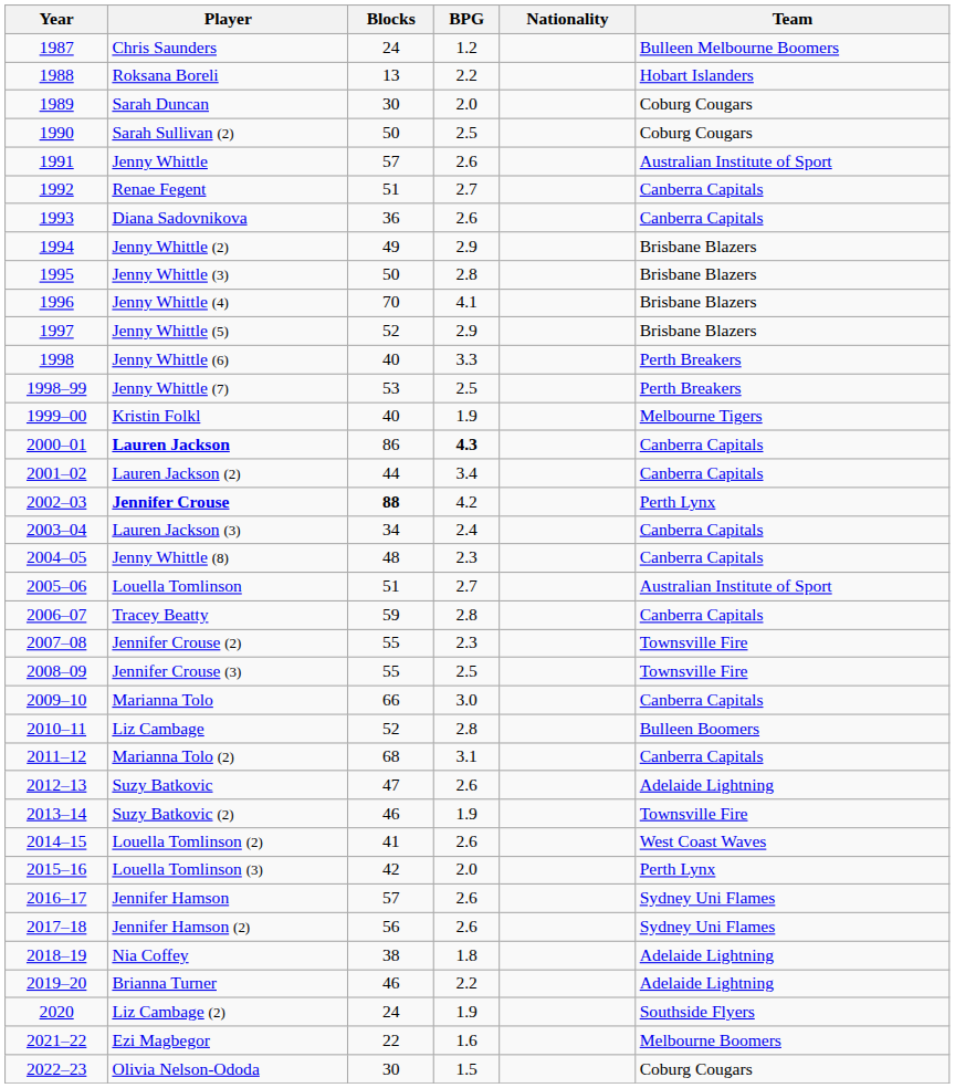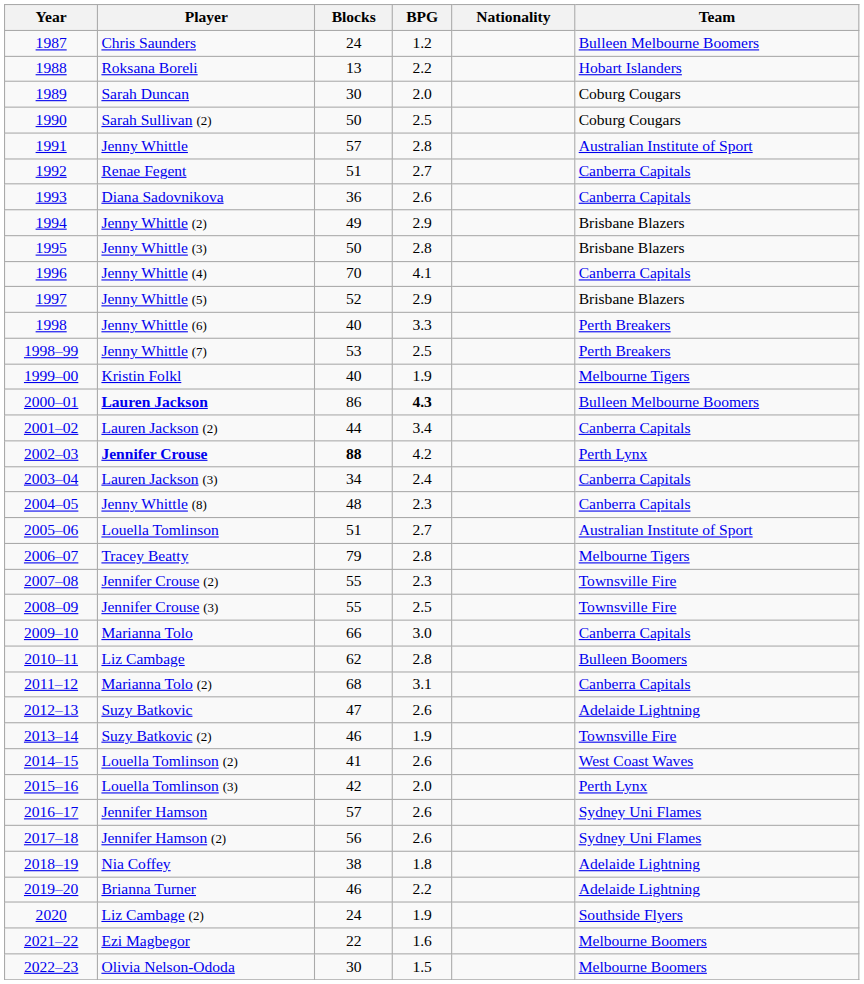 <table class="wikitable sortable" style="width: 50%; text-align:center; font-size:90%">
 <tr>
 <th>Year</th>
 <th>Player</th>
 <th>Blocks</th>
 <th>BPG</th>
 <th>Nationality</th>
 <th>Team</th>
 </tr>
 <tr>
 <td><a href='#'>1987</a></td>
 <td style="text-align: left"><a href='#'>Chris Saunders</a></td>
 <td>24</td>
 <td>1.2</td>
 <td style="text-align: left"></td>
 <td style="text-align: left"><a href='#'>Bulleen Melbourne Boomers</a></td>
 </tr>
 <tr>
 <td><a href='#'>1988</a></td>
 <td style="text-align: left"><a href='#'>Roksana Boreli</a></td>
 <td>13</td>
 <td>2.2</td>
 <td style="text-align: left"></td>
 <td style="text-align: left"><a href='#'>Hobart Islanders</a></td>
 </tr>
 <tr>
 <td><a href='#'>1989</a></td>
 <td style="text-align: left"><a href='#'>Sarah Duncan</a></td>
 <td>30</td>
 <td>2.0</td>
 <td style="text-align: left"></td>
 <td style="text-align: left">Coburg Cougars</td>
 </tr>
 <tr>
 <td><a href='#'>1990</a></td>
 <td style="text-align: left"><a href='#'>Sarah Sullivan</a> <small> (2) </small></td>
 <td>50</td>
 <td>2.5</td>
 <td style="text-align: left"></td>
 <td style="text-align: left">Coburg Cougars</td>
 </tr>
 <tr>
 <td><a href='#'>1991</a></td>
 <td style="text-align: left"><a href='#'>Jenny Whittle</a></td>
 <td>57</td>
-<td>2.6</td>
+<td>2.8</td>
 <td style="text-align: left"></td>
 <td style="text-align: left"><a href='#'>Australian Institute of Sport</a></td>
 </tr>
 <tr>
 <td><a href='#'>1992</a></td>
 <td style="text-align: left"><a href='#'>Renae Fegent</a></td>
 <td>51</td>
 <td>2.7</td>
 <td style="text-align: left"></td>
 <td style="text-align: left"><a href='#'>Canberra Capitals</a></td>
 </tr>
 <tr>
 <td><a href='#'>1993</a></td>
 <td style="text-align: left"><a href='#'>Diana Sadovnikova</a></td>
 <td>36</td>
 <td>2.6</td>
 <td style="text-align: left"></td>
 <td style="text-align: left"><a href='#'>Canberra Capitals</a></td>
 </tr>
 <tr>
 <td><a href='#'>1994</a></td>
 <td style="text-align: left"><a href='#'>Jenny Whittle</a> <small> (2) </small></td>
 <td>49</td>
 <td>2.9</td>
 <td style="text-align: left"></td>
 <td style="text-align: left">Brisbane Blazers</td>
 </tr>
 <tr>
 <td><a href='#'>1995</a></td>
 <td style="text-align: left"><a href='#'>Jenny Whittle</a> <small> (3) </small></td>
 <td>50</td>
 <td>2.8</td>
 <td style="text-align: left"></td>
 <td style="text-align: left">Brisbane Blazers</td>
 </tr>
 <tr>
 <td><a href='#'>1996</a></td>
 <td style="text-align: left"><a href='#'>Jenny Whittle</a> <small> (4) </small></td>
 <td>70</td>
 <td>4.1</td>
 <td style="text-align: left"></td>
-<td style="text-align: left">Brisbane Blazers</td>
+<td style="text-align: left"><a href='#'>Canberra Capitals</a></td>
 </tr>
 <tr>
 <td><a href='#'>1997</a></td>
 <td style="text-align: left"><a href='#'>Jenny Whittle</a> <small> (5) </small></td>
 <td>52</td>
 <td>2.9</td>
 <td style="text-align: left"></td>
 <td style="text-align: left">Brisbane Blazers</td>
 </tr>
 <tr>
 <td><a href='#'>1998</a></td>
 <td style="text-align: left"><a href='#'>Jenny Whittle</a> <small> (6) </small></td>
 <td>40</td>
 <td>3.3</td>
 <td style="text-align: left"></td>
 <td style="text-align: left"><a href='#'>Perth Breakers</a></td>
 </tr>
 <tr>
 <td><a href='#'>1998–99</a></td>
 <td style="text-align: left"><a href='#'>Jenny Whittle</a> <small> (7) </small></td>
 <td>53</td>
 <td>2.5</td>
 <td style="text-align: left"></td>
 <td style="text-align: left"><a href='#'>Perth Breakers</a></td>
 </tr>
 <tr>
 <td><a href='#'>1999–00</a></td>
 <td style="text-align: left"><a href='#'>Kristin Folkl</a></td>
 <td>40</td>
 <td>1.9</td>
 <td style="text-align: left"></td>
 <td style="text-align: left"><a href='#'>Melbourne Tigers</a></td>
 </tr>
 <tr>
 <td><a href='#'>2000–01</a></td>
 <td style="text-align: left"><strong><a href='#'>Lauren Jackson</a></strong></td>
 <td>86</td>
 <td><strong>4.3</strong></td>
 <td style="text-align: left"></td>
-<td style="text-align: left"><a href='#'>Canberra Capitals</a></td>
+<td style="text-align: left"><a href='#'>Bulleen Melbourne Boomers</a></td>
 </tr>
 <tr>
 <td><a href='#'>2001–02</a></td>
 <td style="text-align: left"><a href='#'>Lauren Jackson</a> <small>(2)</small></td>
 <td>44</td>
 <td>3.4</td>
 <td style="text-align: left"></td>
 <td style="text-align: left"><a href='#'>Canberra Capitals</a></td>
 </tr>
 <tr>
 <td><a href='#'>2002–03</a></td>
 <td style="text-align: left"><strong><a href='#'>Jennifer Crouse</a></strong></td>
 <td><strong>88</strong></td>
 <td>4.2</td>
 <td style="text-align: left"></td>
 <td style="text-align: left"><a href='#'>Perth Lynx</a></td>
 </tr>
 <tr>
 <td><a href='#'>2003–04</a></td>
 <td style="text-align: left"><a href='#'>Lauren Jackson</a> <small>(3)</small></td>
 <td>34</td>
 <td>2.4</td>
 <td style="text-align: left"></td>
 <td style="text-align: left"><a href='#'>Canberra Capitals</a></td>
 </tr>
 <tr>
 <td><a href='#'>2004–05</a></td>
 <td style="text-align: left"><a href='#'>Jenny Whittle</a> <small> (8) </small></td>
 <td>48</td>
 <td>2.3</td>
 <td style="text-align: left"></td>
 <td style="text-align: left"><a href='#'>Canberra Capitals</a></td>
 </tr>
 <tr>
 <td><a href='#'>2005–06</a></td>
 <td style="text-align: left"><a href='#'>Louella Tomlinson</a></td>
 <td>51</td>
 <td>2.7</td>
 <td style="text-align: left"></td>
 <td style="text-align: left"><a href='#'>Australian Institute of Sport</a></td>
 </tr>
 <tr>
 <td><a href='#'>2006–07</a></td>
 <td style="text-align: left"><a href='#'>Tracey Beatty</a></td>
-<td>59</td>
+<td>79</td>
 <td>2.8</td>
 <td style="text-align: left"></td>
-<td style="text-align: left"><a href='#'>Canberra Capitals</a></td>
+<td style="text-align: left"><a href='#'>Melbourne Tigers</a></td>
 </tr>
 <tr>
 <td><a href='#'>2007–08</a></td>
 <td style="text-align: left"><a href='#'>Jennifer Crouse</a> <small>(2)</small></td>
 <td>55</td>
 <td>2.3</td>
 <td style="text-align: left"></td>
 <td style="text-align: left"><a href='#'>Townsville Fire</a></td>
 </tr>
 <tr>
 <td><a href='#'>2008–09</a></td>
 <td style="text-align: left"><a href='#'>Jennifer Crouse</a> <small>(3)</small></td>
 <td>55</td>
 <td>2.5</td>
 <td style="text-align: left"></td>
 <td style="text-align: left"><a href='#'>Townsville Fire</a></td>
 </tr>
 <tr>
 <td><a href='#'>2009–10</a></td>
 <td style="text-align: left"><a href='#'>Marianna Tolo</a></td>
 <td>66</td>
 <td>3.0</td>
 <td style="text-align: left"></td>
 <td style="text-align: left"><a href='#'>Canberra Capitals</a></td>
 </tr>
 <tr>
 <td><a href='#'>2010–11</a></td>
 <td style="text-align: left"><a href='#'>Liz Cambage</a></td>
-<td>52</td>
+<td>62</td>
 <td>2.8</td>
 <td style="text-align: left"></td>
 <td style="text-align: left"><a href='#'>Bulleen Boomers</a></td>
 </tr>
 <tr>
 <td><a href='#'>2011–12</a></td>
 <td style="text-align: left"><a href='#'>Marianna Tolo</a> <small>(2)</small></td>
 <td>68</td>
 <td>3.1</td>
 <td style="text-align: left"></td>
 <td style="text-align: left"><a href='#'>Canberra Capitals</a></td>
 </tr>
 <tr>
 <td><a href='#'>2012–13</a></td>
 <td style="text-align: left"><a href='#'>Suzy Batkovic</a></td>
 <td>47</td>
 <td>2.6</td>
 <td style="text-align: left"></td>
 <td style="text-align: left"><a href='#'>Adelaide Lightning</a></td>
 </tr>
 <tr>
 <td><a href='#'>2013–14</a></td>
 <td style="text-align: left"><a href='#'>Suzy Batkovic</a> <small>(2)</small></td>
 <td>46</td>
 <td>1.9</td>
 <td style="text-align: left"></td>
 <td style="text-align: left"><a href='#'>Townsville Fire</a></td>
 </tr>
 <tr>
 <td><a href='#'>2014–15</a></td>
 <td style="text-align: left"><a href='#'>Louella Tomlinson</a> <small>(2)</small></td>
 <td>41</td>
 <td>2.6</td>
 <td style="text-align: left"></td>
 <td style="text-align: left"><a href='#'>West Coast Waves</a></td>
 </tr>
 <tr>
 <td><a href='#'>2015–16</a></td>
 <td style="text-align: left"><a href='#'>Louella Tomlinson</a> <small>(3)</small></td>
 <td>42</td>
 <td>2.0</td>
 <td style="text-align: left"></td>
 <td style="text-align: left"><a href='#'>Perth Lynx</a></td>
 </tr>
 <tr>
 <td><a href='#'>2016–17</a></td>
 <td style="text-align: left"><a href='#'>Jennifer Hamson</a></td>
 <td>57</td>
 <td>2.6</td>
 <td style="text-align: left"></td>
 <td style="text-align: left"><a href='#'>Sydney Uni Flames</a></td>
 </tr>
 <tr>
 <td><a href='#'>2017–18</a></td>
 <td style="text-align: left"><a href='#'>Jennifer Hamson</a> <small>(2)</small></td>
 <td>56</td>
 <td>2.6</td>
 <td style="text-align: left"></td>
 <td style="text-align: left"><a href='#'>Sydney Uni Flames</a></td>
 </tr>
 <tr>
 <td><a href='#'>2018–19</a></td>
 <td style="text-align: left"><a href='#'>Nia Coffey</a></td>
 <td>38</td>
 <td>1.8</td>
 <td style="text-align: left"></td>
 <td style="text-align: left"><a href='#'>Adelaide Lightning</a></td>
 </tr>
 <tr>
 <td><a href='#'>2019–20</a></td>
 <td style="text-align: left"><a href='#'>Brianna Turner</a></td>
 <td>46</td>
 <td>2.2</td>
 <td style="text-align: left"></td>
 <td style="text-align: left"><a href='#'>Adelaide Lightning</a></td>
 </tr>
 <tr>
 <td><a href='#'>2020</a></td>
 <td style="text-align: left"><a href='#'>Liz Cambage</a> <small>(2)</small></td>
 <td>24</td>
 <td>1.9</td>
 <td style="text-align: left"></td>
 <td style="text-align: left"><a href='#'>Southside Flyers</a></td>
 </tr>
 <tr>
 <td><a href='#'>2021–22</a></td>
 <td style="text-align: left"><a href='#'>Ezi Magbegor</a></td>
 <td>22</td>
 <td>1.6</td>
 <td style="text-align: left"></td>
 <td style="text-align: left"><a href='#'>Melbourne Boomers</a></td>
 </tr>
 <tr>
 <td><a href='#'>2022–23</a></td>
 <td style="text-align: left"><a href='#'>Olivia Nelson-Ododa</a></td>
 <td>30</td>
 <td>1.5</td>
 <td style="text-align: left"></td>
-<td style="text-align: left">Coburg Cougars</td>
+<td style="text-align: left"><a href='#'>Melbourne Boomers</a></td>
 </tr>
 </table>
